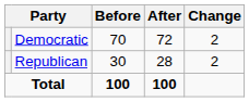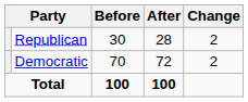 <table class="wikitable" style="text-align:center;">
 <tr>
 <th colspan="2">Party</th>
 <th>Before</th>
 <th>After</th>
 <th>Change</th>
 </tr>
 <tr>
 <th style="background-color:"></th>
-<td style="text-align:left;"><a href='#'>Democratic</a></td>
-<td>70</td>
-<td>72</td>
+<td style="text-align:left;"><a href='#'>Republican</a></td>
+<td>30</td>
+<td>28</td>
 <td> 2</td>
 </tr>
 <tr>
 <th style="background-color:"></th>
-<td style="text-align:left;"><a href='#'>Republican</a></td>
-<td>30</td>
-<td>28</td>
+<td style="text-align:left;"><a href='#'>Democratic</a></td>
+<td>70</td>
+<td>72</td>
 <td> 2</td>
 </tr>
 <tr>
 <td colspan="2"><strong>Total</strong></td>
 <td><strong>100</strong></td>
 <td><strong>100</strong></td>
 <td></td>
 </tr>
 </table>
